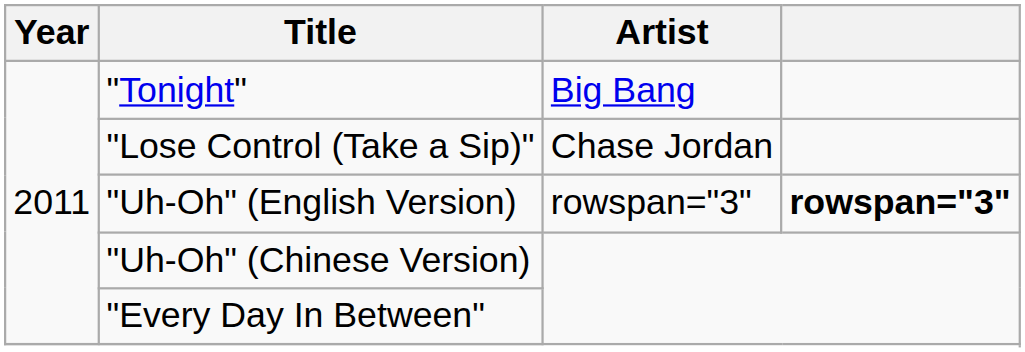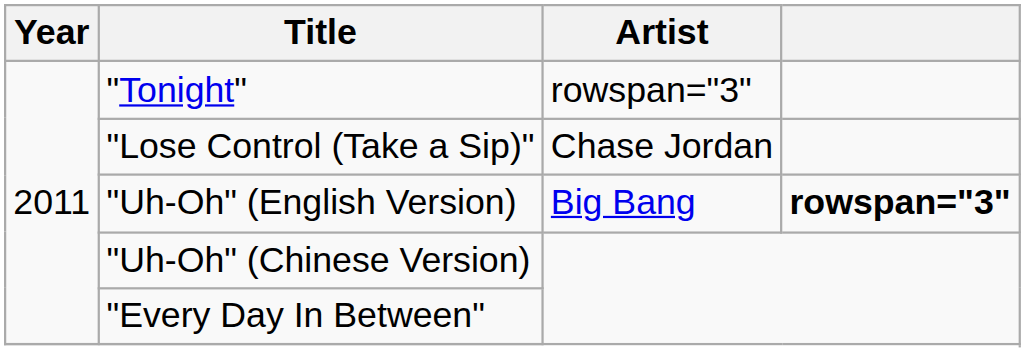 <table class="wikitable sortable">
 <tr>
 <th>Year</th>
 <th>Title</th>
 <th>Artist</th>
 <th class="unsortable"></th>
 </tr>
 <tr>
 <td rowspan="5">2011</td>
 <td>"<a href='#'>Tonight</a>"</td>
-<td><a href='#'>Big Bang</a></td>
+<td>rowspan="3"</td>
 <td align="center"></td>
 </tr>
 <tr>
 <td>"Lose Control (Take a Sip)"</td>
 <td>Chase Jordan</td>
 <td align="center"></td>
 </tr>
 <tr>
 <td>"Uh-Oh" (English Version)</td>
-<td>rowspan="3"</td>
+<td><a href='#'>Big Bang</a></td>
 <td><strong>rowspan="3" </strong></td>
 </tr>
 <tr>
 <td>"Uh-Oh" (Chinese Version)</td>
 </tr>
 <tr>
 <td>"Every Day In Between"</td>
 </tr>
 <tr>
 </tr>
 </table>
